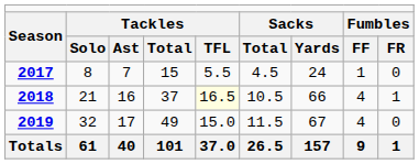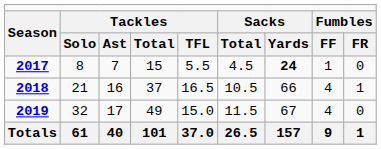 <table class=wikitable style="text-align:center;">
 <tr>
 <td ! colspan="10"></td>
 </tr>
 <tr>
 <th rowspan=2>Season</th>
 <th colspan=4>Tackles</th>
 <th colspan="2">Sacks</th>
 <th colspan="2">Fumbles</th>
 </tr>
 <tr>
 <th>Solo</th>
 <th>Ast</th>
 <th>Total</th>
 <th>TFL</th>
 <th>Total</th>
 <th>Yards</th>
 <th>FF</th>
 <th>FR</th>
 </tr>
 <tr>
 <td><strong><a href='#'>2017</a></strong></td>
 <td>8</td>
 <td>7</td>
 <td>15</td>
 <td>5.5</td>
 <td>4.5</td>
-<td>24</td>
+<td><strong>24</strong></td>
 <td>1</td>
 <td>0</td>
 </tr>
 <tr>
 <td><strong><a href='#'>2018</a></strong></td>
 <td>21</td>
 <td>16</td>
 <td>37</td>
-<td style="background: lightyellow;">16.5</td>
+<td>16.5</td>
 <td>10.5</td>
 <td>66</td>
 <td>4</td>
 <td>1</td>
 </tr>
 <tr>
 <td><strong><a href='#'>2019</a></strong></td>
 <td>32</td>
 <td>17</td>
 <td>49</td>
 <td>15.0</td>
 <td>11.5</td>
 <td>67</td>
 <td>4</td>
 <td>0</td>
 </tr>
 <tr>
 <th>Totals</th>
 <th>61</th>
 <th>40</th>
 <th>101</th>
 <th>37.0</th>
 <th>26.5</th>
 <th>157</th>
 <th>9</th>
 <th>1</th>
 </tr>
 </table>
